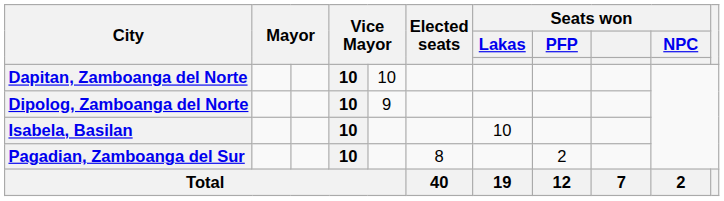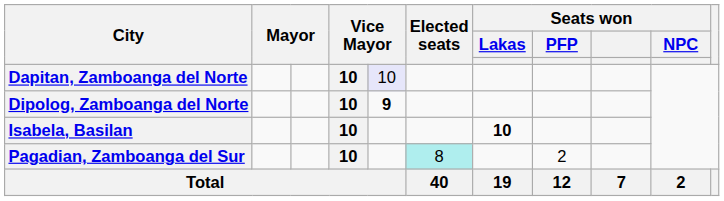 <table class="wikitable" style="text-align:center; font-size: 0.9em;">
 <tr>
 <th rowspan="3">City</th>
 <th colspan="2" rowspan="3" style="width:60px;">Mayor</th>
 <th colspan="2" rowspan="3" style="width:60px;">Vice Mayor</th>
 <th rowspan="3">Elected<br>seats</th>
 <th colspan="4">Seats won</th>
 <th rowspan="3"></th>
 </tr>
 <tr>
 <th class="unsortable" style="width:45px;"><a href='#'>Lakas</a></th>
 <th class="unsortable" style="width:45px;"><a href='#'>PFP</a></th>
 <th class="unsortable" style="width:45px;"></th>
 <th class="unsortable" style="width:45px;"><a href='#'>NPC</a></th>
 </tr>
 <tr>
 <th style="color:inherit;background:"></th>
 <th style="color:inherit;background:"></th>
 <th style="color:inherit;background:"></th>
 <th style="color:inherit;background:"></th>
 </tr>
 <tr>
 <th style="text-align: left;"><a href='#'>Dapitan, Zamboanga del Norte</a></th>
 <td></td>
 <td></td>
 <th>10</th>
-<td>10</td>
+<td style="background: lavender;">10</td>
 <td></td>
 <td></td>
 <td></td>
 <td></td>
 </tr>
 <tr>
 <th style="text-align: left;"><a href='#'>Dipolog, Zamboanga del Norte</a></th>
 <td></td>
 <td></td>
 <th>10</th>
-<td>9</td>
+<td><strong>9</strong></td>
 <td></td>
 <td></td>
 <td></td>
 <td></td>
 </tr>
 <tr>
 <th style="text-align: left;"><a href='#'>Isabela, Basilan</a></th>
 <td></td>
 <td></td>
 <th>10</th>
 <td></td>
 <td></td>
-<td>10</td>
+<td><strong>10</strong></td>
 <td></td>
 <td></td>
 </tr>
 <tr>
 <th style="text-align: left;"><a href='#'>Pagadian, Zamboanga del Sur</a></th>
 <td></td>
 <td></td>
 <th>10</th>
 <td></td>
-<td>8</td>
+<td style="background: paleturquoise;">8</td>
 <td></td>
 <td>2</td>
 <td></td>
 </tr>
 <tr>
 <th colspan="5">Total</th>
 <th>40</th>
 <th>19</th>
 <th>12</th>
 <th>7</th>
 <th>2</th>
 <th></th>
 </tr>
 </table>
